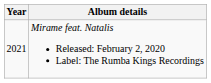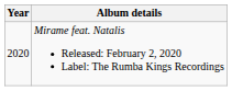 <table class="wikitable">
 <tr>
 <th>Year</th>
 <th>Album details</th>
 </tr>
 <tr>
-<td>2021</td>
+<td>2020</td>
 <td><em>Mirame feat. Natalis</em><br><ul><li>Released: February 2, 2020</li><li>Label: The Rumba Kings Recordings</li></ul></td>
 </tr>
 </table>
